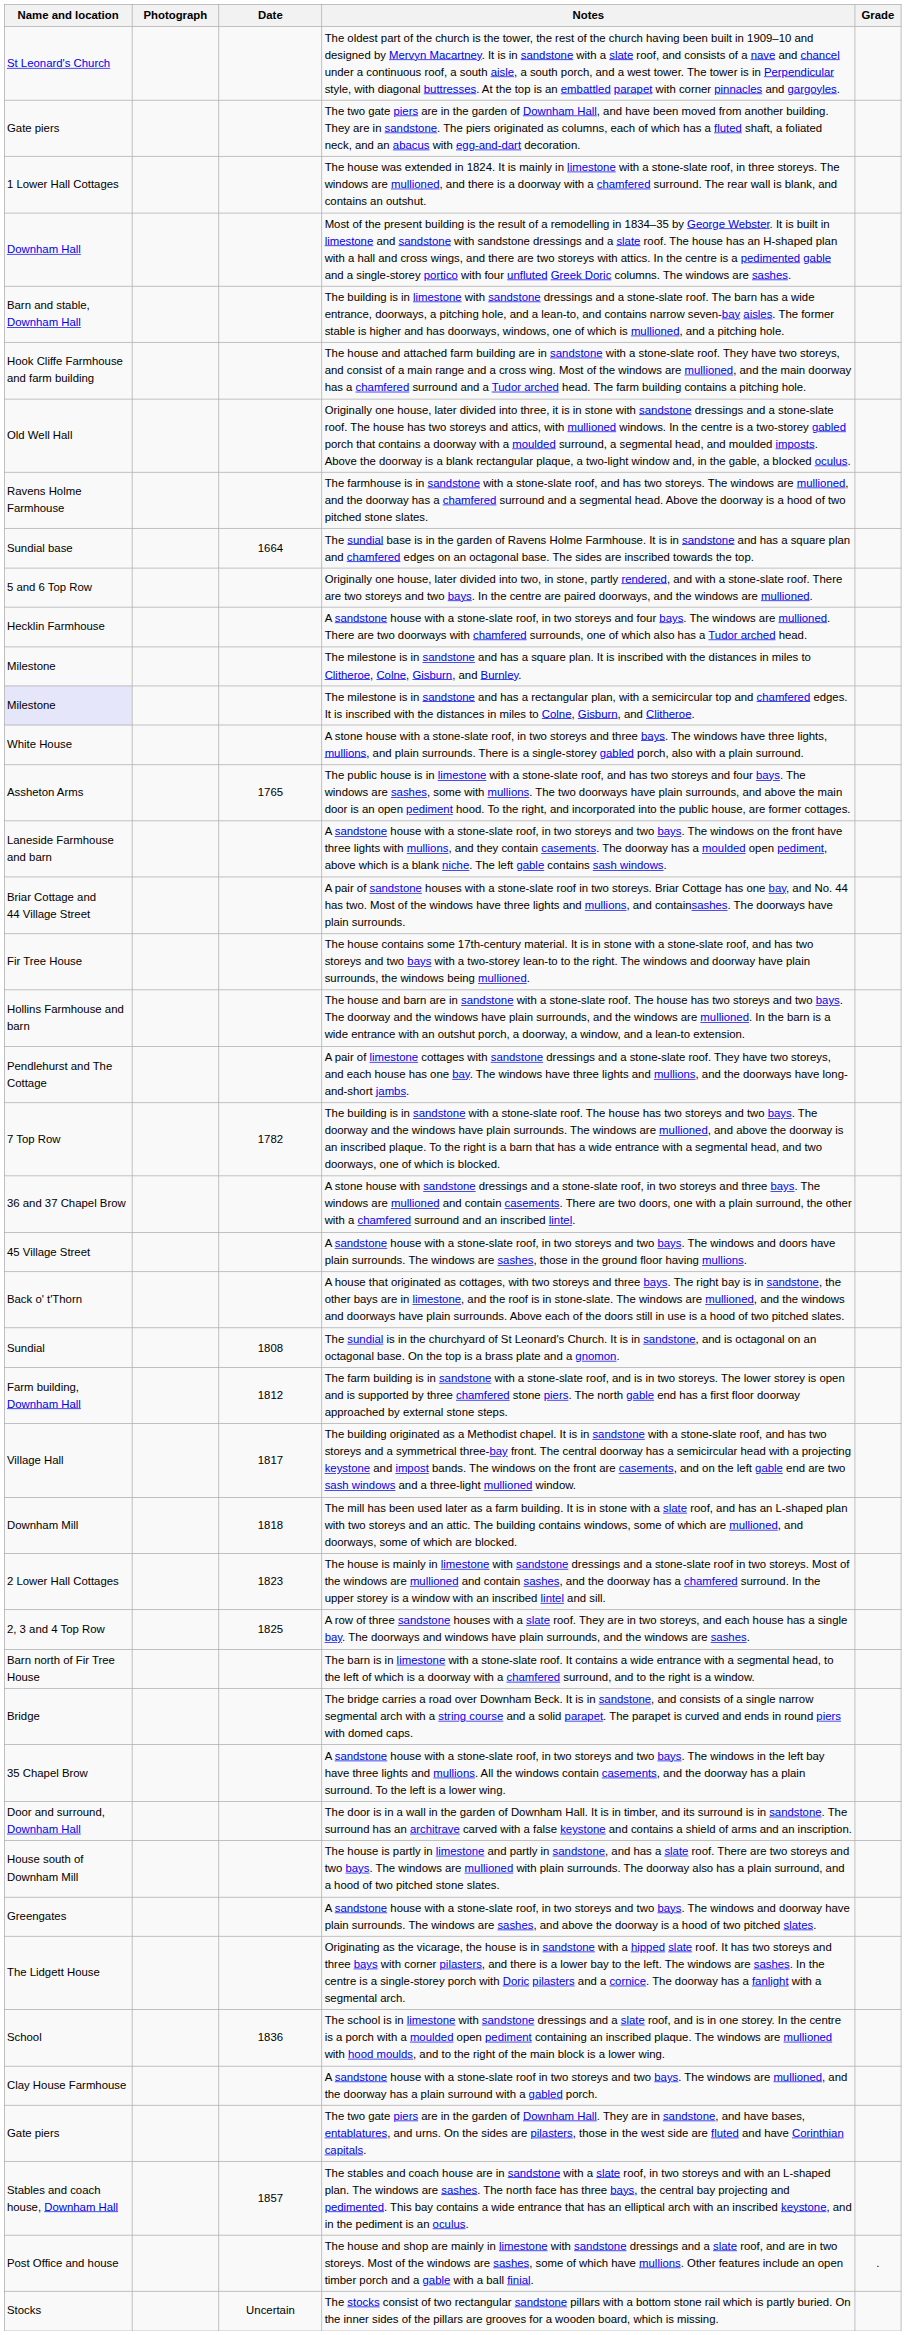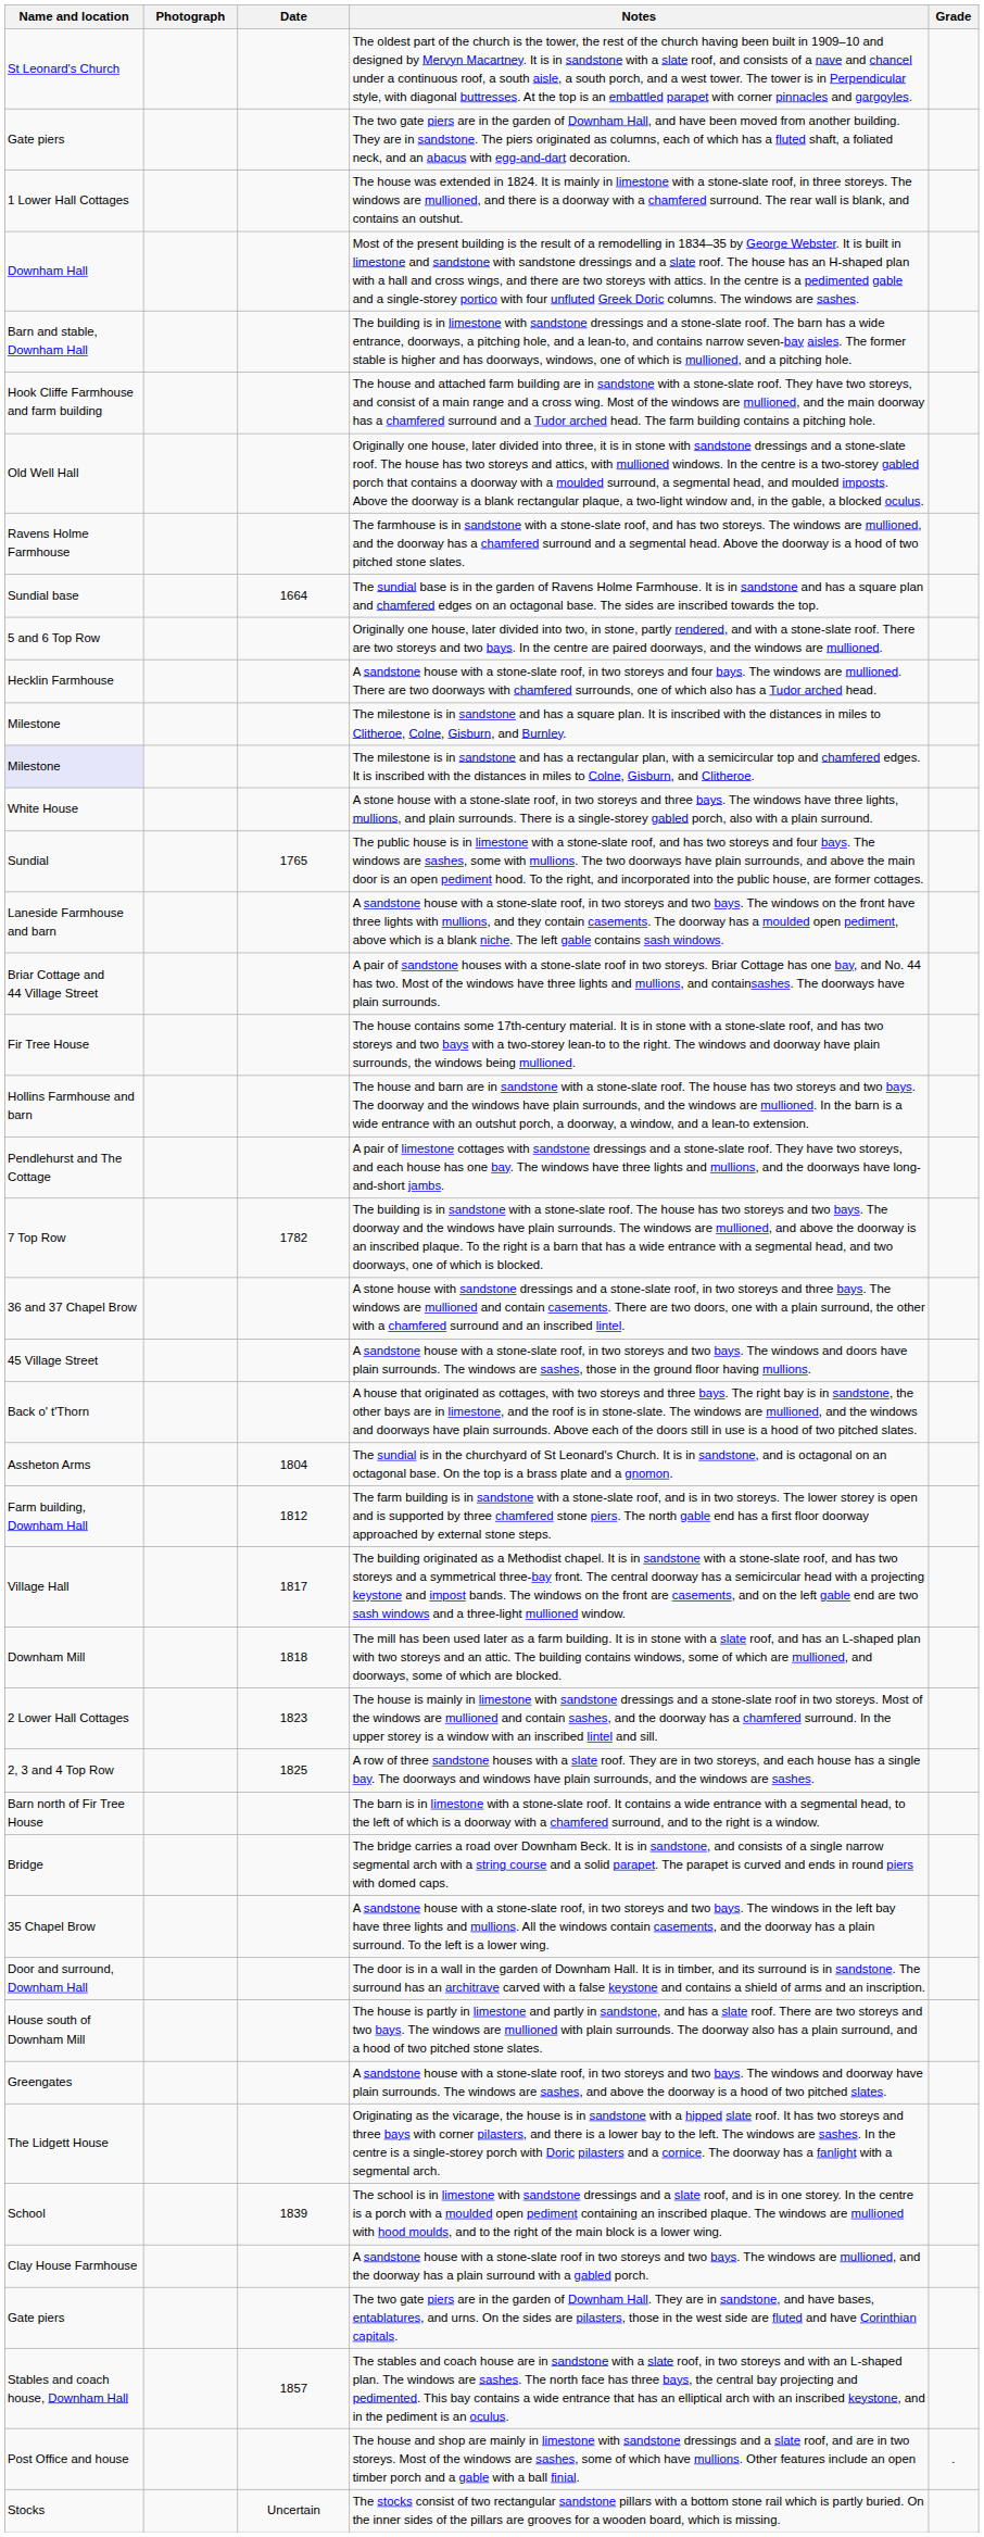 <table class="wikitable sortable plainrowheaders" style="width:100%;border:0px;text-align:left;line-height:150%;">
 <tr>
 <th scope="col"  style="width:150px">Name and location</th>
 <th scope="col"  style="width:100px" class="unsortable">Photograph</th>
 <th scope="col"  style="width:120px">Date</th>
 <th scope="col"  style="width:650px" class="unsortable">Notes</th>
 <th scope="col"  style="width:50px">Grade</th>
 </tr>
 <tr>
 <td><a href='#'>St Leonard's Church</a><br><small></small></td>
 <td></td>
 <td align="center"></td>
 <td>The oldest part of the church is the tower, the rest of the church having been built in 1909–10 and designed by <a href='#'>Mervyn Macartney</a>.  It is in <a href='#'>sandstone</a> with a <a href='#'>slate</a> roof, and consists of a <a href='#'>nave</a> and <a href='#'>chancel</a> under a continuous roof, a south <a href='#'>aisle</a>, a south porch, and a west tower.  The tower is in <a href='#'>Perpendicular</a> style, with diagonal <a href='#'>buttresses</a>.  At the top is an <a href='#'>embattled</a> <a href='#'>parapet</a> with corner <a href='#'>pinnacles</a> and <a href='#'>gargoyles</a>.</td>
 <td align="center" ></td>
 </tr>
 <tr>
 <td>Gate piers<br><small></small></td>
 <td></td>
 <td align="center"></td>
 <td>The two gate <a href='#'>piers</a> are in the garden of <a href='#'>Downham Hall</a>, and have been moved from another building.  They are in <a href='#'>sandstone</a>.  The piers originated as columns, each of which has a <a href='#'>fluted</a> shaft, a foliated neck, and an <a href='#'>abacus</a> with <a href='#'>egg-and-dart</a> decoration.</td>
 <td align="center" ></td>
 </tr>
 <tr>
 <td>1 Lower Hall Cottages<br><small></small></td>
 <td></td>
 <td align="center"></td>
 <td>The house was extended in 1824.  It is mainly in <a href='#'>limestone</a> with a stone-slate roof, in three storeys.  The windows are <a href='#'>mullioned</a>, and there is a doorway with a <a href='#'>chamfered</a> surround.  The rear wall is blank, and contains an outshut.</td>
 <td align="center" ></td>
 </tr>
 <tr>
 <td><a href='#'>Downham Hall</a><br><small></small></td>
 <td></td>
 <td align="center"></td>
 <td>Most of the present building is the result of a remodelling in 1834–35 by <a href='#'>George Webster</a>.  It is built in <a href='#'>limestone</a> and <a href='#'>sandstone</a> with sandstone dressings and a <a href='#'>slate</a> roof.  The house has an H-shaped plan with a hall and cross wings, and there are two storeys with attics.  In the centre is a <a href='#'>pedimented</a> <a href='#'>gable</a> and a single-storey <a href='#'>portico</a> with four <a href='#'>unfluted</a> <a href='#'>Greek Doric</a> columns.  The windows are <a href='#'>sashes</a>.</td>
 <td align="center" ></td>
 </tr>
 <tr>
 <td>Barn and stable, <a href='#'>Downham Hall</a><br><small></small></td>
 <td></td>
 <td align="center"></td>
 <td>The building is in <a href='#'>limestone</a> with <a href='#'>sandstone</a> dressings and a stone-slate roof.  The barn has a wide entrance, doorways, a pitching hole, and a lean-to, and contains narrow seven-<a href='#'>bay</a> <a href='#'>aisles</a>.  The former stable is higher and has doorways, windows, one of which is <a href='#'>mullioned</a>, and a pitching hole.</td>
 <td align="center" ></td>
 </tr>
 <tr>
 <td>Hook Cliffe Farmhouse and farm building<br><small></small></td>
 <td></td>
 <td align="center"></td>
 <td>The house and attached farm building are in <a href='#'>sandstone</a> with a stone-slate roof.  They have two storeys, and consist of a main range and a cross wing.  Most of the windows are <a href='#'>mullioned</a>, and the main doorway has a <a href='#'>chamfered</a> surround and a <a href='#'>Tudor arched</a> head.  The farm building contains a pitching hole.</td>
 <td align="center" ></td>
 </tr>
 <tr>
 <td>Old Well Hall<br><small></small></td>
 <td></td>
 <td align="center"></td>
 <td>Originally one house, later divided into three, it is in stone with <a href='#'>sandstone</a> dressings and a stone-slate roof.  The house has two storeys and attics, with <a href='#'>mullioned</a> windows.  In the centre is a two-storey <a href='#'>gabled</a> porch that contains a doorway with a <a href='#'>moulded</a> surround, a segmental head, and moulded <a href='#'>imposts</a>.  Above the doorway is a blank rectangular plaque, a two-light window and, in the gable, a blocked <a href='#'>oculus</a>.</td>
 <td align="center" ></td>
 </tr>
 <tr>
 <td>Ravens Holme Farmhouse<br><small></small></td>
 <td></td>
 <td align="center"></td>
 <td>The farmhouse is in <a href='#'>sandstone</a> with a stone-slate roof, and has two storeys.  The windows are <a href='#'>mullioned</a>, and the doorway has a <a href='#'>chamfered</a> surround and a segmental head.  Above the doorway is a hood of two pitched stone slates.</td>
 <td align="center" ></td>
 </tr>
 <tr>
 <td>Sundial base<br><small></small></td>
 <td></td>
 <td align="center">1664</td>
 <td>The <a href='#'>sundial</a> base is in the garden of Ravens Holme Farmhouse.  It is in <a href='#'>sandstone</a> and has a square plan and <a href='#'>chamfered</a> edges on an octagonal base.  The sides are inscribed towards the top.</td>
 <td align="center" ></td>
 </tr>
 <tr>
 <td>5 and 6 Top Row<br><small></small></td>
 <td></td>
 <td align="center"></td>
 <td>Originally one house, later divided into two, in stone, partly <a href='#'>rendered</a>, and with a stone-slate roof.  There are two storeys and two <a href='#'>bays</a>.  In the centre are paired doorways, and the windows are <a href='#'>mullioned</a>.</td>
 <td align="center" ></td>
 </tr>
 <tr>
 <td>Hecklin Farmhouse<br><small></small></td>
 <td></td>
 <td align="center"></td>
 <td>A <a href='#'>sandstone</a> house with a stone-slate roof, in two storeys and four <a href='#'>bays</a>.  The windows are <a href='#'>mullioned</a>.  There are two doorways with <a href='#'>chamfered</a> surrounds, one of which also has a <a href='#'>Tudor arched</a> head.</td>
 <td align="center" ></td>
 </tr>
 <tr>
 <td>Milestone<br><small></small></td>
 <td></td>
 <td align="center"></td>
 <td>The milestone is in <a href='#'>sandstone</a> and has a square plan.  It is inscribed with the distances in miles to <a href='#'>Clitheroe</a>, <a href='#'>Colne</a>, <a href='#'>Gisburn</a>, and <a href='#'>Burnley</a>. </td>
 <td align="center" ></td>
 </tr>
 <tr>
 <td style="background: lavender;">Milestone<br><small></small></td>
 <td></td>
 <td align="center"></td>
 <td>The milestone is in <a href='#'>sandstone</a> and has a rectangular plan, with a semicircular top and <a href='#'>chamfered</a> edges.  It is inscribed with the distances in miles to <a href='#'>Colne</a>, <a href='#'>Gisburn</a>, and <a href='#'>Clitheroe</a>.</td>
 <td align="center" ></td>
 </tr>
 <tr>
 <td>White House<br><small></small></td>
 <td></td>
 <td align="center"></td>
 <td>A stone house with a stone-slate roof, in two storeys and three <a href='#'>bays</a>.  The windows have three lights, <a href='#'>mullions</a>, and plain surrounds.  There is a single-storey <a href='#'>gabled</a> porch, also with a plain surround.</td>
 <td align="center" ></td>
 </tr>
 <tr>
-<td>Assheton Arms<br><small></small></td>
+<td>Sundial<br><small></small></td>
 <td></td>
 <td align="center">1765</td>
 <td>The public house is in <a href='#'>limestone</a> with a stone-slate roof, and has two storeys and four <a href='#'>bays</a>.  The windows are <a href='#'>sashes</a>, some with <a href='#'>mullions</a>.  The two doorways have plain surrounds, and above the main door is an open <a href='#'>pediment</a> hood.  To the right, and incorporated into the public house, are former cottages.</td>
 <td align="center" ></td>
 </tr>
 <tr>
 <td>Laneside Farmhouse and barn<br><small></small></td>
 <td></td>
 <td align="center"></td>
 <td>A <a href='#'>sandstone</a> house with a stone-slate roof, in two storeys and two <a href='#'>bays</a>. The windows on the front have three lights with <a href='#'>mullions</a>, and they contain <a href='#'>casements</a>.  The doorway has a <a href='#'>moulded</a> open <a href='#'>pediment</a>, above which is a blank <a href='#'>niche</a>.  The left <a href='#'>gable</a> contains <a href='#'>sash windows</a>.</td>
 <td align="center" ></td>
 </tr>
 <tr>
 <td>Briar Cottage and 44 Village Street<br><small></small></td>
 <td></td>
 <td align="center"></td>
 <td>A pair of <a href='#'>sandstone</a> houses with a stone-slate roof in two storeys.  Briar Cottage has one <a href='#'>bay</a>, and No. 44 has two.  Most of the windows have three lights and <a href='#'>mullions</a>, and contain<a href='#'>sashes</a>.  The doorways have plain surrounds.</td>
 <td align="center" ></td>
 </tr>
 <tr>
 <td>Fir Tree House<br><small></small></td>
 <td></td>
 <td align="center"></td>
 <td>The house contains some 17th-century material.  It is in stone with a stone-slate roof, and has two storeys and two <a href='#'>bays</a> with a two-storey lean-to to the right.  The windows and doorway have plain surrounds, the windows being <a href='#'>mullioned</a>.</td>
 <td align="center" ></td>
 </tr>
 <tr>
 <td>Hollins Farmhouse and barn<br><small></small></td>
 <td></td>
 <td align="center"></td>
 <td>The house and barn are in <a href='#'>sandstone</a> with a stone-slate roof.  The house has two storeys and two <a href='#'>bays</a>.  The doorway and the windows have plain surrounds, and the windows are <a href='#'>mullioned</a>.  In the barn is a wide entrance with an outshut porch, a doorway, a window, and a lean-to extension.</td>
 <td align="center" ></td>
 </tr>
 <tr>
 <td>Pendlehurst and The Cottage<br><small></small></td>
 <td></td>
 <td align="center"></td>
 <td>A pair of <a href='#'>limestone</a> cottages with <a href='#'>sandstone</a> dressings and a stone-slate roof.  They have two storeys, and each house has one <a href='#'>bay</a>.  The windows have three lights and <a href='#'>mullions</a>, and the doorways have long-and-short <a href='#'>jambs</a>.</td>
 <td align="center" ></td>
 </tr>
 <tr>
 <td>7 Top Row<br><small></small></td>
 <td></td>
 <td align="center">1782</td>
 <td>The building is in <a href='#'>sandstone</a> with a stone-slate roof.  The house has two storeys and two <a href='#'>bays</a>.  The doorway and the windows have plain surrounds.  The windows are <a href='#'>mullioned</a>, and above the doorway is an inscribed plaque.  To the right is a barn that has a wide entrance with a segmental head, and two doorways, one of which is blocked.</td>
 <td align="center" ></td>
 </tr>
 <tr>
 <td>36 and 37 Chapel Brow<br><small></small></td>
 <td></td>
 <td align="center"></td>
 <td>A stone house with <a href='#'>sandstone</a> dressings and a stone-slate roof, in two storeys and three <a href='#'>bays</a>.  The windows are <a href='#'>mullioned</a> and contain <a href='#'>casements</a>.  There are two doors, one with a plain surround, the other with a <a href='#'>chamfered</a> surround and an inscribed <a href='#'>lintel</a>.</td>
 <td align="center" ></td>
 </tr>
 <tr>
 <td>45 Village Street<br><small></small></td>
 <td></td>
 <td align="center"></td>
 <td>A <a href='#'>sandstone</a> house with a stone-slate roof, in two storeys and two <a href='#'>bays</a>.  The windows and doors have plain surrounds.  The windows are <a href='#'>sashes</a>, those in the ground floor having <a href='#'>mullions</a>.</td>
 <td align="center" ></td>
 </tr>
 <tr>
 <td>Back o' t'Thorn<br><small></small></td>
 <td></td>
 <td align="center"></td>
 <td>A house that originated as cottages, with two storeys and three <a href='#'>bays</a>.  The right bay is in <a href='#'>sandstone</a>, the other bays are in <a href='#'>limestone</a>, and the roof is in stone-slate.  The windows are <a href='#'>mullioned</a>, and the windows and doorways have plain surrounds.  Above each of the doors still in use is a hood of two pitched slates.</td>
 <td align="center" ></td>
 </tr>
 <tr>
-<td>Sundial<br><small></small></td>
+<td>Assheton Arms<br><small></small></td>
 <td></td>
-<td align="center">1808</td>
+<td align="center">1804</td>
 <td>The <a href='#'>sundial</a> is in the churchyard of St Leonard's Church.  It is in <a href='#'>sandstone</a>, and is octagonal on an octagonal base.  On the top is a brass plate and a <a href='#'>gnomon</a>.</td>
 <td align="center" ></td>
 </tr>
 <tr>
 <td>Farm building, <a href='#'>Downham Hall</a><br><small></small></td>
 <td></td>
 <td align="center">1812</td>
 <td>The farm building is in <a href='#'>sandstone</a> with a stone-slate roof, and is in two storeys.  The lower storey is open and is supported by three <a href='#'>chamfered</a> stone <a href='#'>piers</a>.  The north <a href='#'>gable</a> end has a first floor doorway approached by external stone steps.</td>
 <td align="center" ></td>
 </tr>
 <tr>
 <td>Village Hall<br><small></small></td>
 <td></td>
 <td align="center">1817</td>
 <td>The building originated as a Methodist chapel.  It is in <a href='#'>sandstone</a> with a stone-slate roof, and has two storeys and a symmetrical three-<a href='#'>bay</a> front.  The central doorway has a semicircular head with a projecting <a href='#'>keystone</a> and <a href='#'>impost</a> bands.  The windows on the front are <a href='#'>casements</a>, and on the left <a href='#'>gable</a> end are two <a href='#'>sash windows</a> and a three-light <a href='#'>mullioned</a> window.</td>
 <td align="center" ></td>
 </tr>
 <tr>
 <td>Downham Mill<br><small></small></td>
 <td></td>
 <td align="center">1818</td>
 <td>The mill has been used later as a farm building.  It is in stone with a <a href='#'>slate</a> roof, and has an L-shaped plan with two storeys and an attic.  The building contains windows, some of which are <a href='#'>mullioned</a>, and doorways, some of which are blocked.</td>
 <td align="center" ></td>
 </tr>
 <tr>
 <td>2 Lower Hall Cottages<br><small></small></td>
 <td></td>
 <td align="center">1823</td>
 <td>The house is mainly in <a href='#'>limestone</a> with <a href='#'>sandstone</a> dressings and a stone-slate roof in two storeys.  Most of the windows are <a href='#'>mullioned</a> and contain <a href='#'>sashes</a>, and the doorway has a <a href='#'>chamfered</a> surround.  In the upper storey is a window with an inscribed <a href='#'>lintel</a> and sill.</td>
 <td align="center" ></td>
 </tr>
 <tr>
 <td>2, 3 and 4 Top Row<br><small></small></td>
 <td></td>
 <td align="center">1825</td>
 <td>A row of three <a href='#'>sandstone</a> houses with a <a href='#'>slate</a> roof.  They are in two storeys, and each house has a single <a href='#'>bay</a>.  The doorways and windows have plain surrounds, and the windows are <a href='#'>sashes</a>.</td>
 <td align="center" ></td>
 </tr>
 <tr>
 <td>Barn north of Fir Tree House<br><small></small></td>
 <td></td>
 <td align="center"></td>
 <td>The barn is in <a href='#'>limestone</a> with a stone-slate roof.  It contains a wide entrance with a segmental head, to the left of which is a doorway with a <a href='#'>chamfered</a> surround, and to the right is a window.</td>
 <td align="center" ></td>
 </tr>
 <tr>
 <td>Bridge<br><small></small></td>
 <td></td>
 <td align="center"></td>
 <td>The bridge carries a road over Downham Beck.  It is in <a href='#'>sandstone</a>, and consists of a single narrow segmental arch with a <a href='#'>string course</a> and a solid <a href='#'>parapet</a>.  The parapet is curved and ends in round <a href='#'>piers</a> with domed caps.</td>
 <td align="center" ></td>
 </tr>
 <tr>
 <td>35 Chapel Brow<br><small></small></td>
 <td></td>
 <td align="center"></td>
 <td>A <a href='#'>sandstone</a> house with a stone-slate roof, in two storeys and two <a href='#'>bays</a>.  The windows in the left bay have three lights and <a href='#'>mullions</a>.  All the windows contain <a href='#'>casements</a>, and the doorway has a plain surround.  To the left is a lower wing.</td>
 <td align="center" ></td>
 </tr>
 <tr>
 <td>Door and surround, <a href='#'>Downham Hall</a><br><small></small></td>
 <td></td>
 <td align="center"></td>
 <td>The door is in a wall in the garden of Downham Hall.  It is in timber, and its surround is in <a href='#'>sandstone</a>.  The surround has an <a href='#'>architrave</a> carved with a false <a href='#'>keystone</a> and contains a shield of arms and an inscription.</td>
 <td align="center" ></td>
 </tr>
 <tr>
 <td>House south of Downham Mill<br><small></small></td>
 <td></td>
 <td align="center"></td>
 <td>The house is partly in <a href='#'>limestone</a> and partly in <a href='#'>sandstone</a>, and has a <a href='#'>slate</a> roof.  There are two storeys and two <a href='#'>bays</a>.  The windows are <a href='#'>mullioned</a> with plain surrounds.  The doorway also has a plain surround, and a hood of two pitched stone slates.</td>
 <td align="center" ></td>
 </tr>
 <tr>
 <td>Greengates<br><small></small></td>
 <td></td>
 <td align="center"></td>
 <td>A <a href='#'>sandstone</a> house with a stone-slate roof, in two storeys and two <a href='#'>bays</a>.  The windows and doorway have plain surrounds.  The windows are <a href='#'>sashes</a>, and above the doorway is a hood of two pitched <a href='#'>slates</a>.</td>
 <td align="center" ></td>
 </tr>
 <tr>
 <td>The Lidgett House<br><small></small></td>
 <td></td>
 <td align="center"></td>
 <td>Originating as the vicarage, the house is in <a href='#'>sandstone</a> with a <a href='#'>hipped</a> <a href='#'>slate</a> roof.  It has two storeys and three <a href='#'>bays</a> with corner <a href='#'>pilasters</a>, and there is a lower bay to the left.  The windows are <a href='#'>sashes</a>.  In the centre is a single-storey porch with <a href='#'>Doric</a> <a href='#'>pilasters</a> and a <a href='#'>cornice</a>.  The doorway has a <a href='#'>fanlight</a> with a segmental arch.</td>
 <td align="center" ></td>
 </tr>
 <tr>
 <td>School<br><small></small></td>
 <td></td>
-<td align="center">1836</td>
+<td align="center">1839</td>
 <td>The school is in <a href='#'>limestone</a> with <a href='#'>sandstone</a> dressings and a <a href='#'>slate</a> roof, and is in one storey.  In the centre is a porch with a <a href='#'>moulded</a> open <a href='#'>pediment</a> containing an inscribed plaque.  The windows are <a href='#'>mullioned</a> with <a href='#'>hood moulds</a>, and to the right of the main block is a lower wing.</td>
 <td align="center" ></td>
 </tr>
 <tr>
 <td>Clay House Farmhouse<br><small></small></td>
 <td></td>
 <td align="center"></td>
 <td>A <a href='#'>sandstone</a> house with a stone-slate roof in two storeys and two <a href='#'>bays</a>.  The windows are <a href='#'>mullioned</a>, and the doorway has a plain surround with a <a href='#'>gabled</a> porch.</td>
 <td align="center" ></td>
 </tr>
 <tr>
 <td>Gate piers<br><small></small></td>
 <td></td>
 <td align="center"></td>
 <td>The two gate <a href='#'>piers</a> are in the garden of <a href='#'>Downham Hall</a>.  They are in <a href='#'>sandstone</a>, and have bases, <a href='#'>entablatures</a>, and urns.  On the sides are <a href='#'>pilasters</a>, those in the west side are <a href='#'>fluted</a> and have <a href='#'>Corinthian</a> <a href='#'>capitals</a>.</td>
 <td align="center" ></td>
 </tr>
 <tr>
 <td>Stables and coach house, <a href='#'>Downham Hall</a><br><small></small></td>
 <td></td>
 <td align="center">1857</td>
 <td>The stables and coach house are in <a href='#'>sandstone</a> with a <a href='#'>slate</a> roof, in two storeys and with an L-shaped plan.  The windows are <a href='#'>sashes</a>.  The north face has three <a href='#'>bays</a>, the central bay projecting and <a href='#'>pedimented</a>.  This bay contains a wide entrance that has an elliptical arch with an inscribed <a href='#'>keystone</a>, and in the pediment is an <a href='#'>oculus</a>.</td>
 <td align="center" ></td>
 </tr>
 <tr>
 <td>Post Office and house<br><small></small></td>
 <td></td>
 <td align="center"></td>
 <td>The house and shop are mainly in <a href='#'>limestone</a> with <a href='#'>sandstone</a> dressings and a <a href='#'>slate</a> roof, and are in two storeys.  Most of the windows are <a href='#'>sashes</a>, some of which have <a href='#'>mullions</a>.  Other features include an open timber porch and a <a href='#'>gable</a> with a ball <a href='#'>finial</a>.</td>
 <td align="center" >.</td>
 </tr>
 <tr>
 <td>Stocks<br><small></small></td>
 <td></td>
 <td align="center">Uncertain</td>
 <td>The <a href='#'>stocks</a> consist of two rectangular <a href='#'>sandstone</a> pillars with a bottom stone rail which is partly buried.  On the inner sides of the pillars are grooves for a wooden board, which is missing.</td>
 <td align="center" ></td>
 </tr>
 <tr>
 </tr>
 </table>
